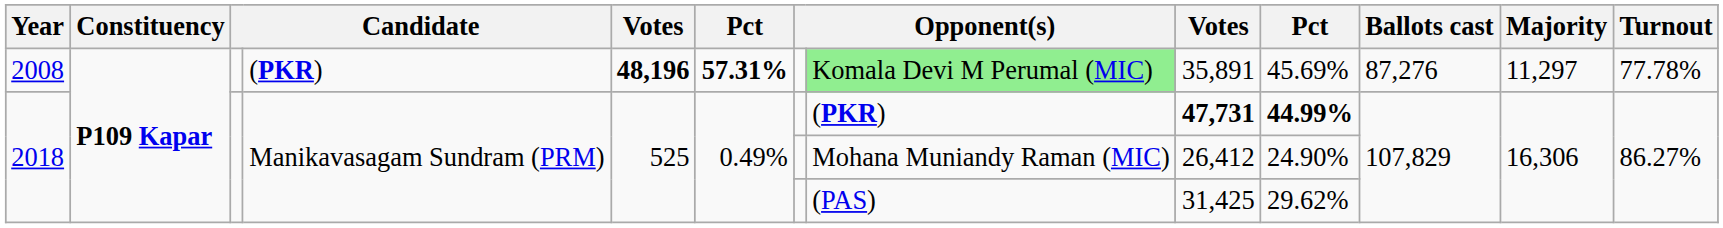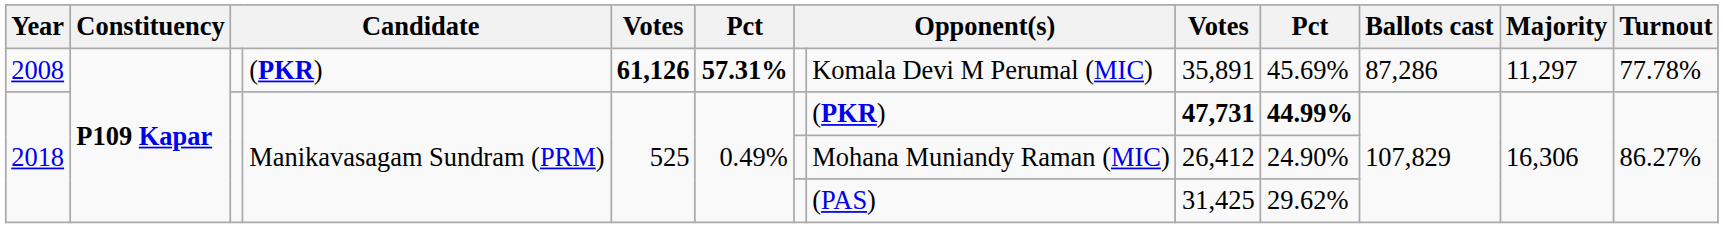 <table class="wikitable" style="margin:0.5em ; font-size:95%">
 <tr>
 <th>Year</th>
 <th>Constituency</th>
 <th colspan=2>Candidate</th>
 <th>Votes</th>
 <th>Pct</th>
 <th colspan=2>Opponent(s)</th>
 <th>Votes</th>
 <th>Pct</th>
 <th>Ballots cast</th>
 <th>Majority</th>
 <th>Turnout</th>
 </tr>
 <tr>
 <td><a href='#'>2008</a></td>
 <td rowspan=4><strong>P109 <a href='#'>Kapar</a></strong></td>
 <td></td>
 <td> (<a href='#'><strong>PKR</strong></a>)</td>
-<td align="right"><strong>48,196</strong></td>
+<td align="right"><strong>61,126</strong></td>
 <td><strong>57.31%</strong></td>
 <td></td>
-<td style="background: lightgreen;">Komala Devi M Perumal (<a href='#'>MIC</a>)</td>
+<td>Komala Devi M Perumal (<a href='#'>MIC</a>)</td>
 <td align="right">35,891</td>
 <td>45.69%</td>
-<td>87,276</td>
+<td>87,286</td>
 <td>11,297</td>
 <td>77.78%</td>
 </tr>
 <tr>
 <td rowspan=3><a href='#'>2018</a></td>
 <td rowspan=3></td>
 <td rowspan=3>Manikavasagam Sundram (<a href='#'>PRM</a>)</td>
 <td rowspan=3 align=right>525</td>
 <td rowspan=3 align=right>0.49%</td>
 <td></td>
 <td> (<a href='#'><strong>PKR</strong></a>)</td>
 <td align="right"><strong>47,731</strong></td>
 <td><strong>44.99%</strong></td>
 <td rowspan=3>107,829</td>
 <td rowspan=3>16,306</td>
 <td rowspan=3>86.27%</td>
 </tr>
 <tr>
 <td></td>
 <td>Mohana Muniandy Raman (<a href='#'>MIC</a>)</td>
 <td align="right">26,412</td>
 <td>24.90%</td>
 </tr>
 <tr>
 <td></td>
 <td> (<a href='#'>PAS</a>)</td>
 <td align=“right”>31,425</td>
 <td>29.62%</td>
 </tr>
 </table>
